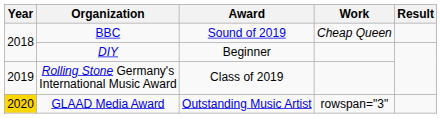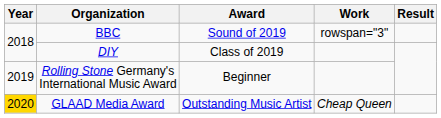 <table class="wikitable plainrowheaders" style="text-align:center;">
 <tr>
 <th>Year</th>
 <th>Organization</th>
 <th>Award</th>
 <th>Work</th>
 <th>Result</th>
 </tr>
 <tr>
 <td rowspan="2">2018</td>
 <td><a href='#'>BBC</a></td>
 <td><a href='#'>Sound of 2019</a></td>
-<td><em>Cheap Queen</em></td>
+<td>rowspan="3" </td>
 <td></td>
 </tr>
 <tr>
 <td><em><a href='#'>DIY</a></em></td>
-<td>Beginner</td>
+<td>Class of 2019</td>
 <td></td>
 </tr>
 <tr>
 <td>2019</td>
 <td><em><a href='#'>Rolling Stone</a></em> Germany's<br>International Music Award</td>
-<td>Class of 2019</td>
+<td>Beginner</td>
 <td></td>
 </tr>
 <tr>
 <td style="background: gold;">2020</td>
 <td><a href='#'>GLAAD Media Award</a></td>
 <td><a href='#'>Outstanding Music Artist</a></td>
-<td>rowspan="3" </td>
+<td><em>Cheap Queen</em></td>
 <td></td>
 </tr>
 </table>
